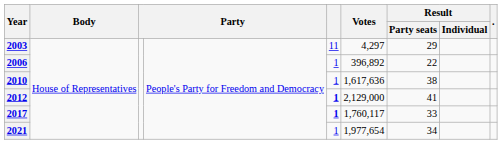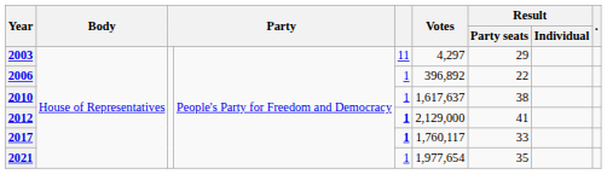 <table class="wikitable plainrowheaders sortable" border=2 cellpadding=4 cellspacing=0 style="border: 1px #aaa solid; font-size: 90%; text-align:center;">
 <tr>
 <th scope="col" rowspan=2>Year</th>
 <th scope="col" rowspan=2>Body</th>
 <th scope="col" colspan=2 rowspan=2>Party</th>
 <th scope="col" rowspan=2></th>
 <th scope="col" rowspan=2>Votes</th>
 <th scope="colgroup" colspan=2>Result</th>
 <th scope="col" rowspan=2 class="unsortable">.</th>
 </tr>
 <tr>
 <th scope="col">Party seats</th>
 <th scope="col">Individual</th>
 </tr>
 <tr>
 <th scope="row"><a href='#'>2003</a></th>
 <td rowspan="6"><a href='#'>House of Representatives</a></td>
 <td rowspan="6" style="background-color:"></td>
 <td rowspan="6"><a href='#'>People's Party for Freedom and Democracy</a></td>
 <td style=text-align:right><a href='#'>11</a></td>
 <td style=text-align:right>4,297</td>
 <td style=text-align:right>29</td>
 <td></td>
 <td></td>
 </tr>
 <tr>
 <th scope="row"><a href='#'>2006</a></th>
 <td style=text-align:right><a href='#'>1</a></td>
 <td style=text-align:right>396,892</td>
 <td style=text-align:right>22</td>
 <td></td>
 <td></td>
 </tr>
 <tr>
 <th scope="row"><a href='#'>2010</a></th>
 <td style=text-align:right><a href='#'>1</a></td>
-<td style=text-align:right>1,617,636</td>
+<td style=text-align:right>1,617,637</td>
 <td style=text-align:right>38</td>
 <td></td>
 <td></td>
 </tr>
 <tr>
 <th scope="row"><a href='#'>2012</a></th>
 <td style=text-align:right><strong><a href='#'>1</a></strong></td>
 <td style=text-align:right>2,129,000</td>
 <td style=text-align:right>41</td>
 <td></td>
 <td></td>
 </tr>
 <tr>
 <th scope="row"><a href='#'>2017</a></th>
 <td style=text-align:right><strong><a href='#'>1</a></strong></td>
 <td style=text-align:right>1,760,117</td>
 <td style=text-align:right>33</td>
 <td></td>
 <td></td>
 </tr>
 <tr>
 <th scope="row"><a href='#'>2021</a></th>
 <td style=text-align:right><a href='#'>1</a></td>
 <td style=text-align:right>1,977,654</td>
-<td style=text-align:right>34</td>
+<td style=text-align:right>35</td>
 <td></td>
 <td></td>
 </tr>
 </table>
